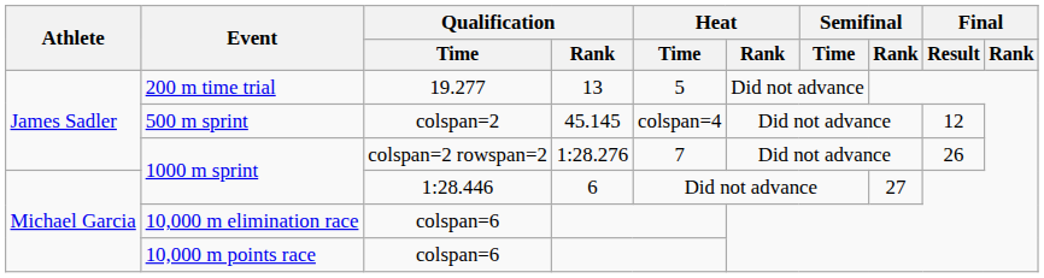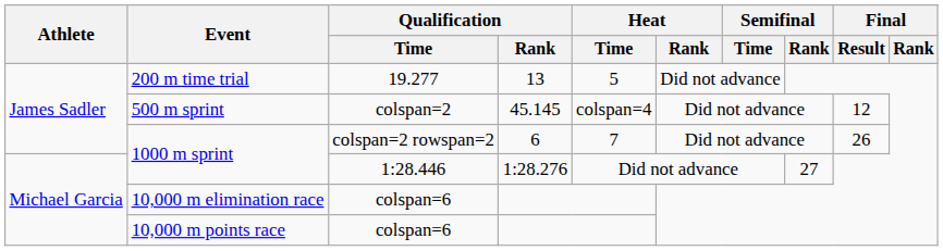 <table class=wikitable style=font-size:90%;text-align:center>
 <tr>
 <th rowspan=2>Athlete</th>
 <th rowspan=2>Event</th>
 <th colspan=2>Qualification</th>
 <th colspan=2>Heat</th>
 <th colspan=2>Semifinal</th>
 <th colspan=2>Final</th>
 </tr>
 <tr style=font-size:95%>
 <th>Time</th>
 <th>Rank</th>
 <th>Time</th>
 <th>Rank</th>
 <th>Time</th>
 <th>Rank</th>
 <th>Result</th>
 <th>Rank</th>
 </tr>
 <tr>
 <td align=left rowspan=3><a href='#'>James Sadler</a></td>
 <td align=left><a href='#'>200 m time trial</a></td>
 <td>19.277</td>
 <td>13</td>
 <td>5</td>
 <td colspan=2>Did not advance</td>
 </tr>
 <tr>
 <td align=left><a href='#'>500 m sprint</a></td>
 <td>colspan=2 </td>
 <td>45.145</td>
 <td>colspan=4 </td>
 <td colspan=3>Did not advance</td>
 <td>12</td>
 </tr>
 <tr>
 <td align=left rowspan=2><a href='#'>1000 m sprint</a></td>
 <td>colspan=2 rowspan=2 </td>
-<td>1:28.276</td>
+<td>6</td>
 <td>7</td>
 <td colspan=3>Did not advance</td>
 <td>26</td>
 </tr>
 <tr>
 <td align=left rowspan=3><a href='#'>Michael Garcia</a></td>
 <td>1:28.446</td>
-<td>6</td>
+<td>1:28.276</td>
 <td colspan=3>Did not advance</td>
 <td>27</td>
 </tr>
 <tr>
 <td align=left><a href='#'>10,000 m elimination race</a></td>
 <td>colspan=6 </td>
 <td colspan=2></td>
 </tr>
 <tr>
 <td align=left><a href='#'>10,000 m points race</a></td>
 <td>colspan=6 </td>
 <td colspan=2></td>
 </tr>
 </table>
